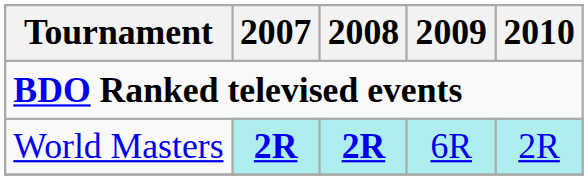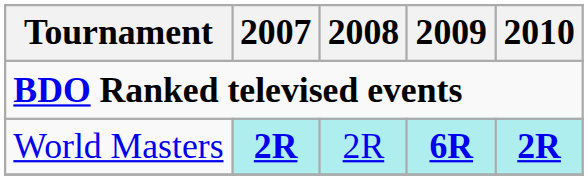 <table class=wikitable style=text-align:center;>
 <tr>
 <th>Tournament</th>
 <th>2007</th>
 <th>2008</th>
 <th>2009</th>
 <th>2010</th>
 </tr>
 <tr>
 <td colspan="26" align="left"><strong><a href='#'>BDO</a> Ranked televised events</strong></td>
 </tr>
 <tr>
 <td align=left><a href='#'>World Masters</a></td>
 <td style="text-align:center; background:#afeeee;"><strong><a href='#'>2R</a></strong></td>
+<td style="text-align:center; background:#afeeee;"><a href='#'>2R</a></td>
+<td style="text-align:center; background:#afeeee;"><strong><a href='#'>6R</a></strong></td>
 <td style="text-align:center; background:#afeeee;"><strong><a href='#'>2R</a></strong></td>
-<td style="text-align:center; background:#afeeee;"><a href='#'>6R</a></td>
-<td style="text-align:center; background:#afeeee;"><a href='#'>2R</a></td>
 </tr>
 <tr>
 </tr>
 </table>
